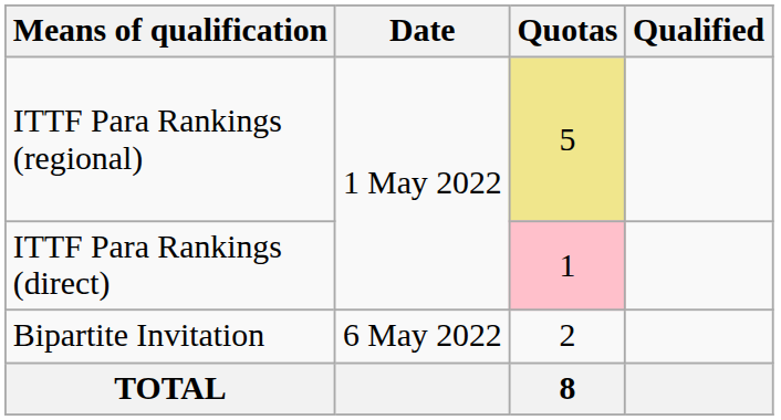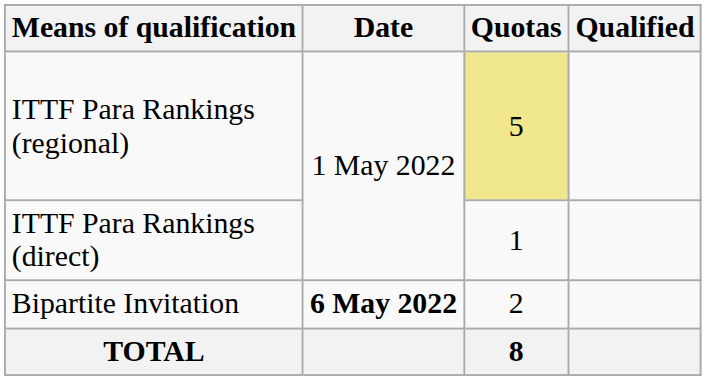 <table class="wikitable">
 <tr>
 <th>Means of qualification</th>
 <th>Date</th>
 <th>Quotas</th>
 <th>Qualified</th>
 </tr>
 <tr>
 <td>ITTF Para Rankings<br>(regional)</td>
 <td rowspan="2" align=center>1 May 2022</td>
 <td align=center style="background: khaki;">5</td>
 <td><br><br><br><br></td>
 </tr>
 <tr>
 <td>ITTF Para Rankings<br>(direct)</td>
-<td align=center style="background: pink;">1</td>
+<td align=center>1</td>
 <td></td>
 </tr>
 <tr>
 <td>Bipartite Invitation</td>
-<td align=center>6 May 2022</td>
+<td align=center><strong>6 May 2022</strong></td>
 <td align=center>2</td>
 <td><br></td>
 </tr>
 <tr>
 <th>TOTAL</th>
 <th></th>
 <th>8</th>
 <th></th>
 </tr>
 </table>
